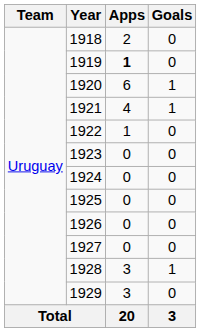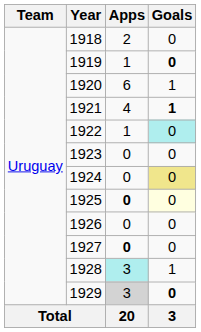 <table class="wikitable" style="text-align:center">
 <tr>
 <th>Team</th>
 <th>Year</th>
 <th>Apps</th>
 <th>Goals</th>
 </tr>
 <tr>
 <td rowspan=12><a href='#'>Uruguay</a></td>
 <td>1918</td>
 <td>2</td>
 <td>0</td>
 </tr>
 <tr>
 <td>1919</td>
-<td><strong>1</strong></td>
-<td>0</td>
+<td>1</td>
+<td><strong>0</strong></td>
 </tr>
 <tr>
 <td>1920</td>
 <td>6</td>
 <td>1</td>
 </tr>
 <tr>
 <td>1921</td>
 <td>4</td>
-<td>1</td>
+<td><strong>1</strong></td>
 </tr>
 <tr>
 <td>1922</td>
 <td>1</td>
-<td>0</td>
+<td style="background: paleturquoise;">0</td>
 </tr>
 <tr>
 <td>1923</td>
 <td>0</td>
 <td>0</td>
 </tr>
 <tr>
 <td>1924</td>
 <td>0</td>
-<td>0</td>
+<td style="background: khaki;">0</td>
 </tr>
 <tr>
 <td>1925</td>
-<td>0</td>
-<td>0</td>
+<td><strong>0</strong></td>
+<td style="background: lightyellow;">0</td>
 </tr>
 <tr>
 <td>1926</td>
 <td>0</td>
 <td>0</td>
 </tr>
 <tr>
 <td>1927</td>
-<td>0</td>
+<td><strong>0</strong></td>
 <td>0</td>
 </tr>
 <tr>
 <td>1928</td>
-<td>3</td>
+<td style="background: paleturquoise;">3</td>
 <td>1</td>
 </tr>
 <tr>
 <td>1929</td>
-<td>3</td>
-<td>0</td>
+<td style="background: lightgrey;">3</td>
+<td><strong>0</strong></td>
 </tr>
 <tr>
 <th colspan=2>Total</th>
 <th>20</th>
 <th>3</th>
 </tr>
 </table>
